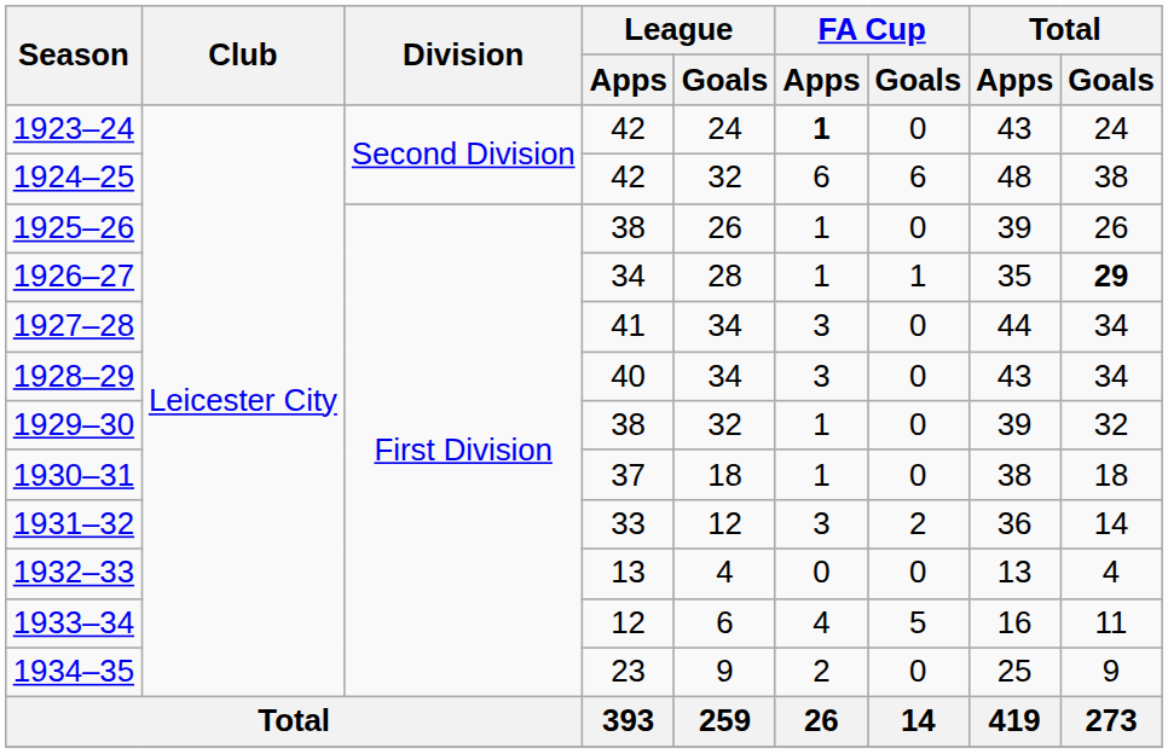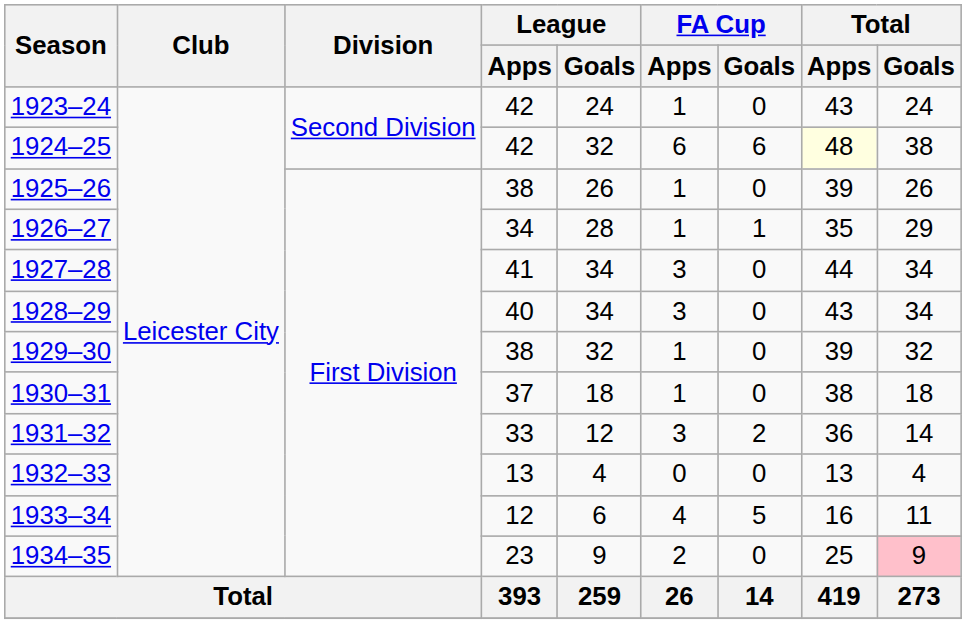 <table class="wikitable" style="text-align: center;">
 <tr>
 <th rowspan="2">Season</th>
 <th rowspan="2">Club</th>
 <th rowspan="2">Division</th>
 <th colspan="2">League</th>
 <th colspan="2"><a href='#'>FA Cup</a></th>
 <th colspan="2">Total</th>
 </tr>
 <tr>
 <th>Apps</th>
 <th>Goals</th>
 <th>Apps</th>
 <th>Goals</th>
 <th>Apps</th>
 <th>Goals</th>
 </tr>
 <tr>
 <td><a href='#'>1923–24</a></td>
 <td rowspan="12"><a href='#'>Leicester City</a></td>
 <td rowspan="2"><a href='#'>Second Division</a></td>
 <td>42</td>
 <td>24</td>
-<td><strong>1</strong></td>
+<td>1</td>
 <td>0</td>
 <td>43</td>
 <td>24</td>
 </tr>
 <tr>
 <td><a href='#'>1924–25</a></td>
 <td>42</td>
 <td>32</td>
 <td>6</td>
 <td>6</td>
-<td>48</td>
+<td style="background: lightyellow;">48</td>
 <td>38</td>
 </tr>
 <tr>
 <td><a href='#'>1925–26</a></td>
 <td rowspan="10"><a href='#'>First Division</a></td>
 <td>38</td>
 <td>26</td>
 <td>1</td>
 <td>0</td>
 <td>39</td>
 <td>26</td>
 </tr>
 <tr>
 <td><a href='#'>1926–27</a></td>
 <td>34</td>
 <td>28</td>
 <td>1</td>
 <td>1</td>
 <td>35</td>
-<td><strong>29</strong></td>
+<td>29</td>
 </tr>
 <tr>
 <td><a href='#'>1927–28</a></td>
 <td>41</td>
 <td>34</td>
 <td>3</td>
 <td>0</td>
 <td>44</td>
 <td>34</td>
 </tr>
 <tr>
 <td><a href='#'>1928–29</a></td>
 <td>40</td>
 <td>34</td>
 <td>3</td>
 <td>0</td>
 <td>43</td>
 <td>34</td>
 </tr>
 <tr>
 <td><a href='#'>1929–30</a></td>
 <td>38</td>
 <td>32</td>
 <td>1</td>
 <td>0</td>
 <td>39</td>
 <td>32</td>
 </tr>
 <tr>
 <td><a href='#'>1930–31</a></td>
 <td>37</td>
 <td>18</td>
 <td>1</td>
 <td>0</td>
 <td>38</td>
 <td>18</td>
 </tr>
 <tr>
 <td><a href='#'>1931–32</a></td>
 <td>33</td>
 <td>12</td>
 <td>3</td>
 <td>2</td>
 <td>36</td>
 <td>14</td>
 </tr>
 <tr>
 <td><a href='#'>1932–33</a></td>
 <td>13</td>
 <td>4</td>
 <td>0</td>
 <td>0</td>
 <td>13</td>
 <td>4</td>
 </tr>
 <tr>
 <td><a href='#'>1933–34</a></td>
 <td>12</td>
 <td>6</td>
 <td>4</td>
 <td>5</td>
 <td>16</td>
 <td>11</td>
 </tr>
 <tr>
 <td><a href='#'>1934–35</a></td>
 <td>23</td>
 <td>9</td>
 <td>2</td>
 <td>0</td>
 <td>25</td>
-<td>9</td>
+<td style="background: pink;">9</td>
 </tr>
 <tr>
 <th colspan="3">Total</th>
 <th>393</th>
 <th>259</th>
 <th>26</th>
 <th>14</th>
 <th>419</th>
 <th>273</th>
 </tr>
 <tr>
 </tr>
 </table>
